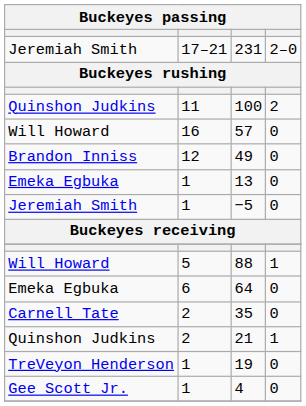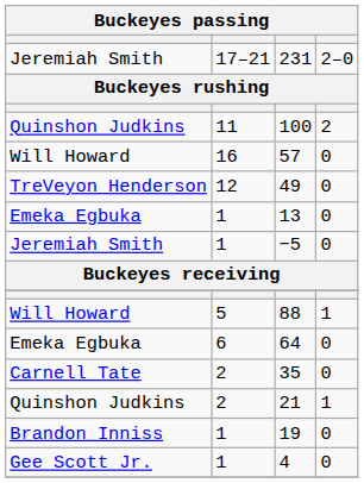 <table class="wikitable plainrowheaders">
 <tr>
 <th colspan="6">Buckeyes passing</th>
 </tr>
 <tr>
 <th scope="col"></th>
 <th scope="col"></th>
 <th scope="col"></th>
 <th scope="col"></th>
 </tr>
 <tr>
 <td>Jeremiah Smith</td>
 <td>17–21</td>
 <td>231</td>
 <td>2–0</td>
 </tr>
 <tr>
 <th colspan="6">Buckeyes rushing</th>
 </tr>
 <tr>
 <th scope="col"></th>
 <th scope="col"></th>
 <th scope="col"></th>
 <th scope="col"></th>
 </tr>
 <tr>
 <td><a href='#'>Quinshon Judkins</a></td>
 <td>11</td>
 <td>100</td>
 <td>2</td>
 </tr>
 <tr>
 <td>Will Howard</td>
 <td>16</td>
 <td>57</td>
 <td>0</td>
 </tr>
 <tr>
-<td><a href='#'>Brandon Inniss</a></td>
+<td><a href='#'>TreVeyon Henderson</a></td>
 <td>12</td>
 <td>49</td>
 <td>0</td>
 </tr>
 <tr>
 <td><a href='#'>Emeka Egbuka</a></td>
 <td>1</td>
 <td>13</td>
 <td>0</td>
 </tr>
 <tr>
 <td><a href='#'>Jeremiah Smith</a></td>
 <td>1</td>
 <td>−5</td>
 <td>0</td>
 </tr>
 <tr>
 <th colspan="6">Buckeyes receiving</th>
 </tr>
 <tr>
 </tr>
 <tr>
 <th scope="col"></th>
 <th scope="col"></th>
 <th scope="col"></th>
 <th scope="col"></th>
 </tr>
 <tr>
 <td><a href='#'>Will Howard</a></td>
 <td>5</td>
 <td>88</td>
 <td>1</td>
 </tr>
 <tr>
 <td>Emeka Egbuka</td>
 <td>6</td>
 <td>64</td>
 <td>0</td>
 </tr>
 <tr>
 <td><a href='#'>Carnell Tate</a></td>
 <td>2</td>
 <td>35</td>
 <td>0</td>
 </tr>
 <tr>
 <td>Quinshon Judkins</td>
 <td>2</td>
 <td>21</td>
 <td>1</td>
 </tr>
 <tr>
-<td><a href='#'>TreVeyon Henderson</a></td>
+<td><a href='#'>Brandon Inniss</a></td>
 <td>1</td>
 <td>19</td>
 <td>0</td>
 </tr>
 <tr>
 <td><a href='#'>Gee Scott Jr.</a></td>
 <td>1</td>
 <td>4</td>
 <td>0</td>
 </tr>
 <tr>
 </tr>
 </table>
